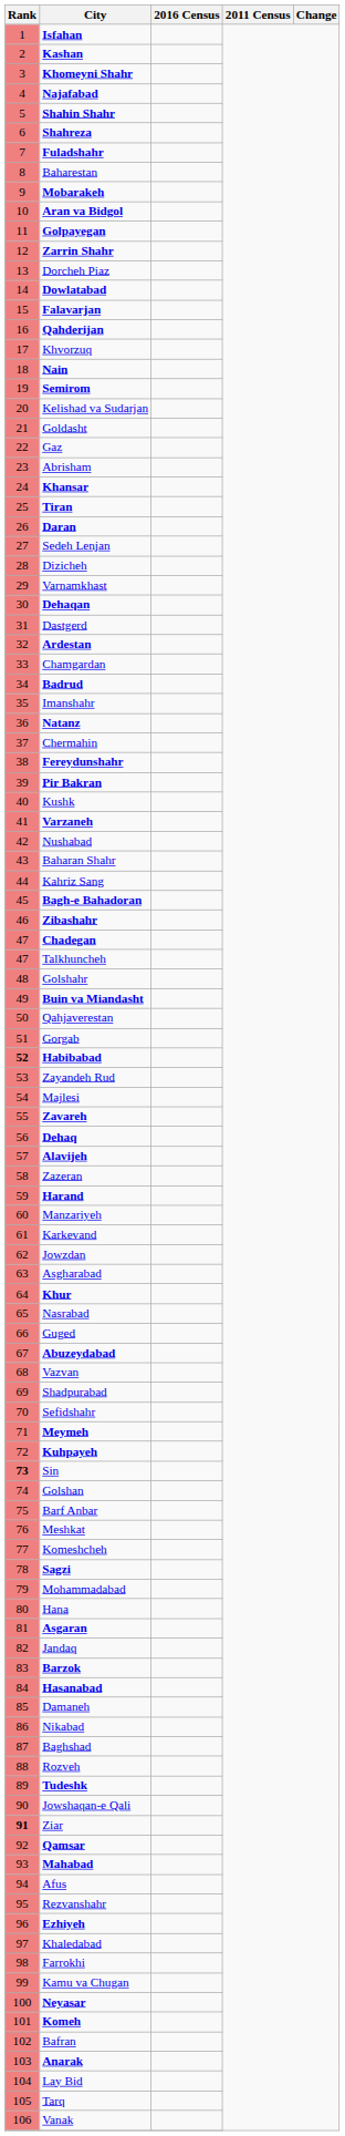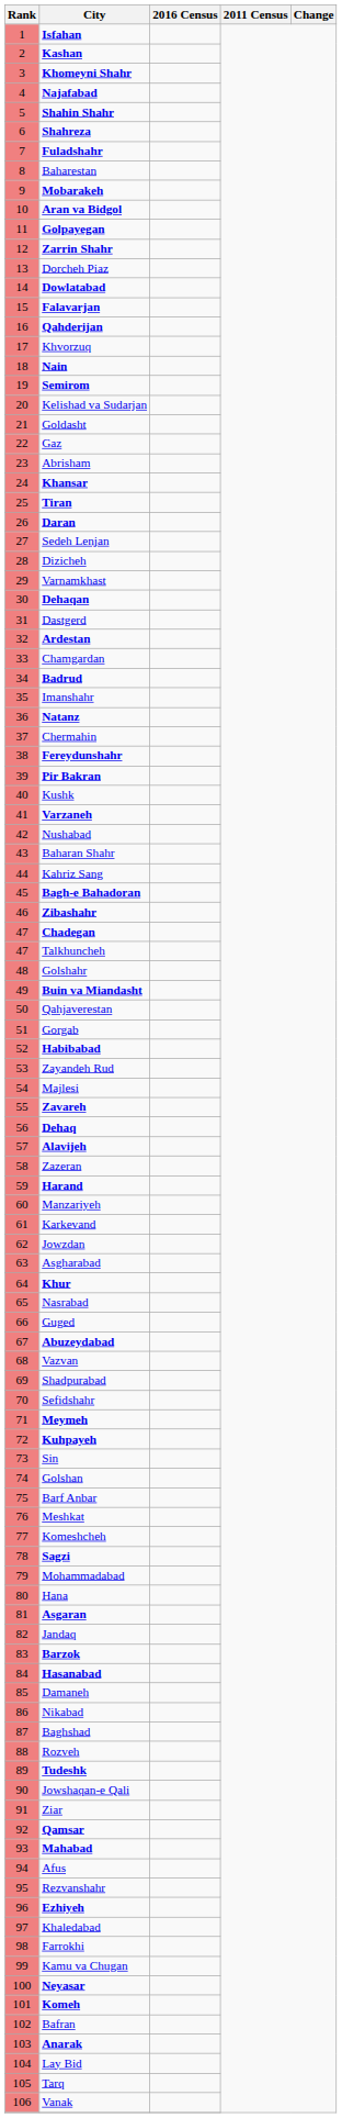 <table class="wikitable sortable">
 <tr>
 <th>Rank</th>
 <th>City</th>
 <th>2016 Census</th>
 <th>2011 Census</th>
 <th>Change</th>
 </tr>
 <tr>
 <td align=center bgcolor="F08080">1</td>
 <td><strong><a href='#'>Isfahan</a></strong></td>
 <td></td>
 </tr>
 <tr>
 <td align=center bgcolor="F08080">2</td>
 <td><strong><a href='#'>Kashan</a></strong></td>
 <td></td>
 </tr>
 <tr>
 <td align=center bgcolor="F08080">3</td>
 <td><strong><a href='#'>Khomeyni Shahr</a></strong></td>
 <td></td>
 </tr>
 <tr>
 <td align=center bgcolor="F08080">4</td>
 <td><strong><a href='#'>Najafabad</a></strong></td>
 <td></td>
 </tr>
 <tr>
 <td align=center bgcolor="F08080">5</td>
 <td><strong><a href='#'>Shahin Shahr</a></strong></td>
 <td></td>
 </tr>
 <tr>
 <td align=center bgcolor="F08080">6</td>
 <td><strong><a href='#'>Shahreza</a></strong></td>
 <td></td>
 </tr>
 <tr>
 <td align=center bgcolor="F08080">7</td>
 <td><strong><a href='#'>Fuladshahr</a></strong></td>
 <td></td>
 </tr>
 <tr>
 <td align=center bgcolor="F08080">8</td>
 <td><a href='#'>Baharestan</a></td>
 <td></td>
 </tr>
 <tr>
 <td align=center bgcolor="F08080">9</td>
 <td><strong><a href='#'>Mobarakeh</a></strong></td>
 <td></td>
 </tr>
 <tr>
 <td align=center bgcolor="F08080">10</td>
 <td><strong><a href='#'>Aran va Bidgol</a></strong></td>
 <td></td>
 </tr>
 <tr>
 <td align=center bgcolor="F08080">11</td>
 <td><strong><a href='#'>Golpayegan</a></strong></td>
 <td></td>
 </tr>
 <tr>
 <td align=center bgcolor="F08080">12</td>
 <td><strong><a href='#'>Zarrin Shahr</a></strong></td>
 <td></td>
 </tr>
 <tr>
 <td align=center bgcolor="F08080">13</td>
 <td><a href='#'>Dorcheh Piaz</a></td>
 <td></td>
 </tr>
 <tr>
 <td align=center bgcolor="F08080">14</td>
 <td><strong><a href='#'>Dowlatabad</a></strong></td>
 <td></td>
 </tr>
 <tr>
 <td align=center bgcolor="F08080">15</td>
 <td><strong><a href='#'>Falavarjan</a></strong></td>
 <td></td>
 </tr>
 <tr>
 <td align=center bgcolor="F08080">16</td>
 <td><strong><a href='#'>Qahderijan</a></strong></td>
 <td></td>
 </tr>
 <tr>
 <td align=center bgcolor="F08080">17</td>
 <td><a href='#'>Khvorzuq</a></td>
 <td></td>
 </tr>
 <tr>
 <td align=center bgcolor="F08080">18</td>
 <td><strong><a href='#'>Nain</a></strong></td>
 <td></td>
 </tr>
 <tr>
 <td align=center bgcolor="F08080">19</td>
 <td><strong><a href='#'>Semirom</a></strong></td>
 <td></td>
 </tr>
 <tr>
 <td align=center bgcolor="F08080">20</td>
 <td><a href='#'>Kelishad va Sudarjan</a></td>
 <td></td>
 </tr>
 <tr>
 <td align=center bgcolor="F08080">21</td>
 <td><a href='#'>Goldasht</a></td>
 <td></td>
 </tr>
 <tr>
 <td align=center bgcolor="F08080">22</td>
 <td><a href='#'>Gaz</a></td>
 <td></td>
 </tr>
 <tr>
 <td align=center bgcolor="F08080">23</td>
 <td><a href='#'>Abrisham</a></td>
 <td></td>
 </tr>
 <tr>
 <td align=center bgcolor="F08080">24</td>
 <td><strong><a href='#'>Khansar</a></strong></td>
 <td></td>
 </tr>
 <tr>
 <td align=center bgcolor="F08080">25</td>
 <td><strong><a href='#'>Tiran</a></strong></td>
 <td></td>
 </tr>
 <tr>
 <td align=center bgcolor="F08080">26</td>
 <td><strong><a href='#'>Daran</a></strong></td>
 <td></td>
 </tr>
 <tr>
 <td align=center bgcolor="F08080">27</td>
 <td><a href='#'>Sedeh Lenjan</a></td>
 <td></td>
 </tr>
 <tr>
 <td align=center bgcolor="F08080">28</td>
 <td><a href='#'>Dizicheh</a></td>
 <td></td>
 </tr>
 <tr>
 <td align=center bgcolor="F08080">29</td>
 <td><a href='#'>Varnamkhast</a></td>
 <td></td>
 </tr>
 <tr>
 <td align=center bgcolor="F08080">30</td>
 <td><strong><a href='#'>Dehaqan</a></strong></td>
 <td></td>
 </tr>
 <tr>
 <td align=center bgcolor="F08080">31</td>
 <td><a href='#'>Dastgerd</a></td>
 <td></td>
 </tr>
 <tr>
 <td align=center bgcolor="F08080">32</td>
 <td><strong><a href='#'>Ardestan</a></strong></td>
 <td></td>
 </tr>
 <tr>
 <td align=center bgcolor="F08080">33</td>
 <td><a href='#'>Chamgardan</a></td>
 <td></td>
 </tr>
 <tr>
 <td align=center bgcolor="F08080">34</td>
 <td><strong><a href='#'>Badrud</a></strong></td>
 <td></td>
 </tr>
 <tr>
 <td align=center bgcolor="F08080">35</td>
 <td><a href='#'>Imanshahr</a></td>
 <td></td>
 </tr>
 <tr>
 <td align=center bgcolor="F08080">36</td>
 <td><strong><a href='#'>Natanz</a></strong></td>
 <td></td>
 </tr>
 <tr>
 <td align=center bgcolor="F08080">37</td>
 <td><a href='#'>Chermahin</a></td>
 <td></td>
 </tr>
 <tr>
 <td align=center bgcolor="F08080">38</td>
 <td><strong><a href='#'>Fereydunshahr</a></strong></td>
 <td></td>
 </tr>
 <tr>
 <td align=center bgcolor="F08080">39</td>
 <td><strong><a href='#'>Pir Bakran</a></strong></td>
 <td></td>
 </tr>
 <tr>
 <td align=center bgcolor="F08080">40</td>
 <td><a href='#'>Kushk</a></td>
 <td></td>
 </tr>
 <tr>
 <td align=center bgcolor="F08080">41</td>
 <td><strong><a href='#'>Varzaneh</a></strong></td>
 <td></td>
 </tr>
 <tr>
 <td align=center bgcolor="F08080">42</td>
 <td><a href='#'>Nushabad</a></td>
 <td></td>
 </tr>
 <tr>
 <td align=center bgcolor="F08080">43</td>
 <td><a href='#'>Baharan Shahr</a></td>
 <td></td>
 </tr>
 <tr>
 <td align=center bgcolor="F08080">44</td>
 <td><a href='#'>Kahriz Sang</a></td>
 <td></td>
 </tr>
 <tr>
 <td align=center bgcolor="F08080">45</td>
 <td><strong><a href='#'>Bagh-e Bahadoran</a></strong></td>
 <td></td>
 </tr>
 <tr>
 <td align=center bgcolor="F08080">46</td>
 <td><strong><a href='#'>Zibashahr</a></strong></td>
 <td></td>
 </tr>
 <tr>
 <td align=center bgcolor="F08080">47</td>
 <td><strong><a href='#'>Chadegan</a></strong></td>
 <td></td>
 </tr>
 <tr>
 <td align=center bgcolor="F08080">47</td>
 <td><a href='#'>Talkhuncheh</a></td>
 <td></td>
 </tr>
 <tr>
 <td align=center bgcolor="F08080">48</td>
 <td><a href='#'>Golshahr</a></td>
 <td></td>
 </tr>
 <tr>
 <td align=center bgcolor="F08080">49</td>
 <td><strong><a href='#'>Buin va Miandasht</a></strong></td>
 <td></td>
 </tr>
 <tr>
 <td align=center bgcolor="F08080">50</td>
 <td><a href='#'>Qahjaverestan</a></td>
 <td></td>
 </tr>
 <tr>
 <td align="center" bgcolor="F08080">51</td>
 <td><a href='#'>Gorgab</a></td>
 <td></td>
 </tr>
 <tr>
-<td align="center" bgcolor="F08080"><strong>52</strong></td>
+<td align="center" bgcolor="F08080">52</td>
 <td><strong><a href='#'>Habibabad</a></strong></td>
 <td></td>
 </tr>
 <tr>
 <td align=center bgcolor="F08080">53</td>
 <td><a href='#'>Zayandeh Rud</a></td>
 <td></td>
 </tr>
 <tr>
 <td align="center" bgcolor="F08080">54</td>
 <td><a href='#'>Majlesi</a></td>
 <td></td>
 </tr>
 <tr>
 <td align="center" bgcolor="F08080">55</td>
 <td><strong><a href='#'>Zavareh</a></strong></td>
 <td></td>
 </tr>
 <tr>
 <td align="center" bgcolor="F08080">56</td>
 <td><strong><a href='#'>Dehaq</a></strong></td>
 <td></td>
 </tr>
 <tr>
 <td align="center" bgcolor="F08080">57</td>
 <td><strong><a href='#'>Alavijeh</a></strong></td>
 <td></td>
 </tr>
 <tr>
 <td align="center" bgcolor="F08080">58</td>
 <td><a href='#'>Zazeran</a></td>
 <td></td>
 </tr>
 <tr>
 <td align="center" bgcolor="F08080">59</td>
 <td><strong><a href='#'>Harand</a></strong></td>
 <td></td>
 </tr>
 <tr>
 <td align="center" bgcolor="F08080">60</td>
 <td><a href='#'>Manzariyeh</a></td>
 <td></td>
 </tr>
 <tr>
 <td align="center" bgcolor="F08080">61</td>
 <td><a href='#'>Karkevand</a></td>
 <td></td>
 </tr>
 <tr>
 <td align="center" bgcolor="F08080">62</td>
 <td><a href='#'>Jowzdan</a></td>
 <td></td>
 </tr>
 <tr>
 <td align=center bgcolor="F08080">63</td>
 <td><a href='#'>Asgharabad</a></td>
 <td></td>
 </tr>
 <tr>
 <td align=center bgcolor="F08080">64</td>
 <td><strong><a href='#'>Khur</a></strong></td>
 <td></td>
 </tr>
 <tr>
 <td align=center bgcolor="F08080">65</td>
 <td><a href='#'>Nasrabad</a></td>
 <td></td>
 </tr>
 <tr>
 <td align=center bgcolor="F08080">66</td>
 <td><a href='#'>Guged</a></td>
 <td></td>
 </tr>
 <tr>
 <td align="center" bgcolor="F08080">67</td>
 <td><strong><a href='#'>Abuzeydabad</a></strong></td>
 <td></td>
 </tr>
 <tr>
 <td align="center" bgcolor="F08080">68</td>
 <td><a href='#'>Vazvan</a></td>
 <td></td>
 </tr>
 <tr>
 <td align=center bgcolor="F08080">69</td>
 <td><a href='#'>Shadpurabad</a></td>
 <td></td>
 </tr>
 <tr>
 <td align="center" bgcolor="F08080">70</td>
 <td><a href='#'>Sefidshahr</a></td>
 <td></td>
 </tr>
 <tr>
 <td align="center" bgcolor="F08080">71</td>
 <td><strong><a href='#'>Meymeh</a></strong></td>
 <td></td>
 </tr>
 <tr>
 <td align="center" bgcolor="F08080">72</td>
 <td><strong><a href='#'>Kuhpayeh</a></strong></td>
 <td></td>
 </tr>
 <tr>
-<td align="center" bgcolor="F08080"><strong>73</strong></td>
+<td align="center" bgcolor="F08080">73</td>
 <td><a href='#'>Sin</a></td>
 <td></td>
 </tr>
 <tr>
 <td align="center" bgcolor="F08080">74</td>
 <td><a href='#'>Golshan</a></td>
 <td></td>
 </tr>
 <tr>
 <td align="center" bgcolor="F08080">75</td>
 <td><a href='#'>Barf Anbar</a></td>
 <td></td>
 </tr>
 <tr>
 <td align="center" bgcolor="F08080">76</td>
 <td><a href='#'>Meshkat</a></td>
 <td></td>
 </tr>
 <tr>
 <td align=center bgcolor="F08080">77</td>
 <td><a href='#'>Komeshcheh</a></td>
 <td></td>
 </tr>
 <tr>
 <td align="center" bgcolor="F08080">78</td>
 <td><strong><a href='#'>Sagzi</a></strong></td>
 <td></td>
 </tr>
 <tr>
 <td align="center" bgcolor="F08080">79</td>
 <td><a href='#'>Mohammadabad</a></td>
 <td></td>
 </tr>
 <tr>
 <td align="center" bgcolor="F08080">80</td>
 <td><a href='#'>Hana</a></td>
 <td></td>
 </tr>
 <tr>
 <td align="center" bgcolor="F08080">81</td>
 <td><strong><a href='#'>Asgaran</a></strong></td>
 <td></td>
 </tr>
 <tr>
 <td align="center" bgcolor="F08080">82</td>
 <td><a href='#'>Jandaq</a></td>
 <td></td>
 </tr>
 <tr>
 <td align="center" bgcolor="F08080">83</td>
 <td><strong><a href='#'>Barzok</a></strong></td>
 <td></td>
 </tr>
 <tr>
 <td align=center bgcolor="F08080">84</td>
 <td><strong><a href='#'>Hasanabad</a></strong></td>
 <td></td>
 </tr>
 <tr>
 <td align="center" bgcolor="F08080">85</td>
 <td><a href='#'>Damaneh</a></td>
 <td></td>
 </tr>
 <tr>
 <td align="center" bgcolor="F08080">86</td>
 <td><a href='#'>Nikabad</a></td>
 <td></td>
 </tr>
 <tr>
 <td align="center" bgcolor="F08080">87</td>
 <td><a href='#'>Baghshad</a></td>
 <td></td>
 </tr>
 <tr>
 <td align="center" bgcolor="F08080">88</td>
 <td><a href='#'>Rozveh</a></td>
 <td></td>
 </tr>
 <tr>
 <td align="center" bgcolor="F08080">89</td>
 <td><strong><a href='#'>Tudeshk</a></strong></td>
 <td></td>
 </tr>
 <tr>
 <td align="center" bgcolor="F08080">90</td>
 <td><a href='#'>Jowshaqan-e Qali</a></td>
 <td></td>
 </tr>
 <tr>
-<td align="center" bgcolor="F08080"><strong>91</strong></td>
+<td align="center" bgcolor="F08080">91</td>
 <td><a href='#'>Ziar</a></td>
 <td></td>
 </tr>
 <tr>
 <td align="center" bgcolor="F08080">92</td>
 <td><strong><a href='#'>Qamsar</a></strong></td>
 <td></td>
 </tr>
 <tr>
 <td align="center" bgcolor="F08080">93</td>
 <td><strong><a href='#'>Mahabad</a></strong></td>
 <td></td>
 </tr>
 <tr>
 <td align="center" bgcolor="F08080">94</td>
 <td><a href='#'>Afus</a></td>
 <td></td>
 </tr>
 <tr>
 <td align="center" bgcolor="F08080">95</td>
 <td><a href='#'>Rezvanshahr</a></td>
 <td></td>
 </tr>
 <tr>
 <td align="center" bgcolor="F08080">96</td>
 <td><strong><a href='#'>Ezhiyeh</a></strong></td>
 <td></td>
 </tr>
 <tr>
 <td align="center" bgcolor="F08080">97</td>
 <td><a href='#'>Khaledabad</a></td>
 <td></td>
 </tr>
 <tr>
 <td align="center" bgcolor="F08080">98</td>
 <td><a href='#'>Farrokhi</a></td>
 <td></td>
 </tr>
 <tr>
 <td align="center" bgcolor="F08080">99</td>
 <td><a href='#'>Kamu va Chugan</a></td>
 <td></td>
 </tr>
 <tr>
 <td align="center" bgcolor="F08080">100</td>
 <td><strong><a href='#'>Neyasar</a></strong></td>
 <td></td>
 </tr>
 <tr>
 <td align="center" bgcolor="F08080">101</td>
 <td><strong><a href='#'>Komeh</a></strong></td>
 <td></td>
 </tr>
 <tr>
 <td align="center" bgcolor="F08080">102</td>
 <td><a href='#'>Bafran</a></td>
 <td></td>
 </tr>
 <tr>
 <td align="center" bgcolor="F08080">103</td>
 <td><strong><a href='#'>Anarak</a></strong></td>
 <td></td>
 </tr>
 <tr>
 <td align="center" bgcolor="F08080">104</td>
 <td><a href='#'>Lay Bid</a></td>
 <td></td>
 </tr>
 <tr>
 <td align="center" bgcolor="F08080">105</td>
 <td><a href='#'>Tarq</a></td>
 <td></td>
 </tr>
 <tr>
 <td align="center" bgcolor="F08080">106</td>
 <td><a href='#'>Vanak</a></td>
 <td></td>
 </tr>
 <tr>
 </tr>
 </table>
